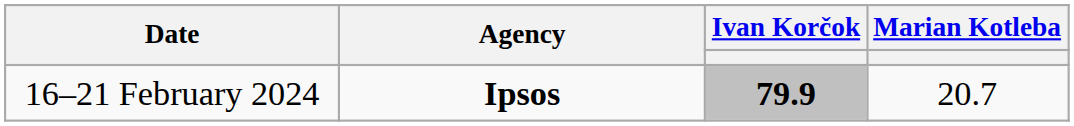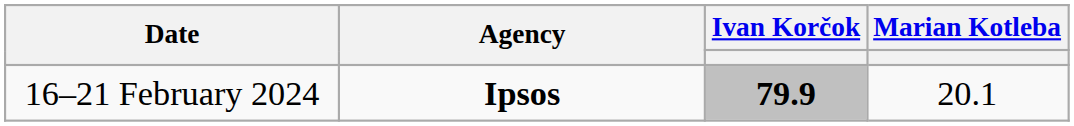 <table class="wikitable" style="text-align:center;">
 <tr style="font-size:80%;">
 <th style="width:150px;" rowspan="2">Date</th>
 <th style="width:165px;" rowspan="2">Agency</th>
 <th><a href='#'>Ivan Korčok</a></th>
 <th><a href='#'>Marian Kotleba</a></th>
 </tr>
 <tr>
 <th style="background:"></th>
 <th style="background:"></th>
 </tr>
 <tr>
 <td>16–21 February 2024</td>
 <td><strong>Ipsos</strong></td>
 <td style="background:#C0C0C0;"><strong>79.9</strong></td>
-<td>20.7</td>
+<td>20.1</td>
 </tr>
 </table>
